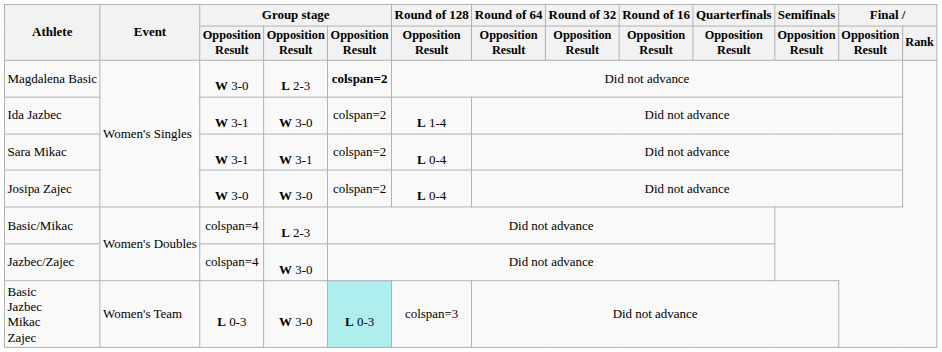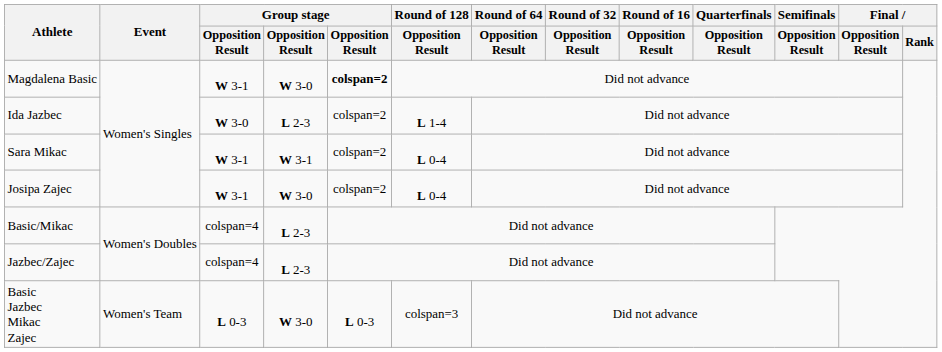 <table class="wikitable" style="font-size:90%;">
 <tr>
 <th rowspan=2>Athlete</th>
 <th rowspan=2>Event</th>
 <th colspan=3>Group stage</th>
 <th>Round of 128</th>
 <th>Round of 64</th>
 <th>Round of 32</th>
 <th>Round of 16</th>
 <th>Quarterfinals</th>
 <th>Semifinals</th>
 <th colspan=2>Final / </th>
 </tr>
 <tr style="font-size:95%">
 <th>Opposition<br>Result</th>
 <th>Opposition<br>Result</th>
 <th>Opposition<br>Result</th>
 <th>Opposition<br>Result</th>
 <th>Opposition<br>Result</th>
 <th>Opposition<br>Result</th>
 <th>Opposition<br>Result</th>
 <th>Opposition<br>Result</th>
 <th>Opposition<br>Result</th>
 <th>Opposition<br>Result</th>
 <th>Rank</th>
 </tr>
 <tr align=center>
 <td align=left>Magdalena Basic</td>
 <td align=left rowspan=4>Women's Singles</td>
+<td><br><strong>W</strong> 3-1</td>
 <td><br><strong>W</strong> 3-0</td>
-<td><br><strong>L</strong> 2-3</td>
 <td><strong>colspan=2 </strong></td>
 <td colspan=7>Did not advance</td>
 </tr>
 <tr align=center>
 <td align=left>Ida Jazbec</td>
-<td><br><strong>W</strong> 3-1</td>
 <td><br><strong>W</strong> 3-0</td>
+<td><br><strong>L</strong> 2-3</td>
 <td>colspan=2 </td>
 <td><br><strong>L</strong> 1-4</td>
 <td colspan=6>Did not advance</td>
 </tr>
 <tr align=center>
 <td align=left>Sara Mikac</td>
 <td><br><strong>W</strong> 3-1</td>
 <td><br><strong>W</strong> 3-1</td>
 <td>colspan=2 </td>
 <td><br><strong>L</strong> 0-4</td>
 <td colspan=6>Did not advance</td>
 </tr>
 <tr align=center>
 <td align=left>Josipa Zajec</td>
-<td><br><strong>W</strong> 3-0</td>
+<td><br><strong>W</strong> 3-1</td>
 <td><br><strong>W</strong> 3-0</td>
 <td>colspan=2 </td>
 <td><br><strong>L</strong> 0-4</td>
 <td colspan=6>Did not advance</td>
 </tr>
 <tr align=center>
 <td align=left>Basic/Mikac</td>
 <td align=left rowspan=2>Women's Doubles</td>
 <td>colspan=4 </td>
 <td><br><strong>L</strong> 2-3</td>
 <td colspan=6>Did not advance</td>
 </tr>
 <tr align=center>
 <td align=left>Jazbec/Zajec</td>
 <td>colspan=4 </td>
-<td><br><strong>W</strong> 3-0</td>
+<td><br><strong>L</strong> 2-3</td>
 <td colspan=6>Did not advance</td>
 </tr>
 <tr align=center>
 <td align=left>Basic<br>Jazbec<br>Mikac<br>Zajec</td>
 <td align=left rowspan=2>Women's Team</td>
 <td><br><strong>L</strong> 0-3</td>
 <td><br><strong>W</strong> 3-0</td>
-<td style="background: paleturquoise;"><br><strong>L</strong> 0-3</td>
+<td><br><strong>L</strong> 0-3</td>
 <td>colspan=3 </td>
 <td colspan=5>Did not advance</td>
 </tr>
 </table>
